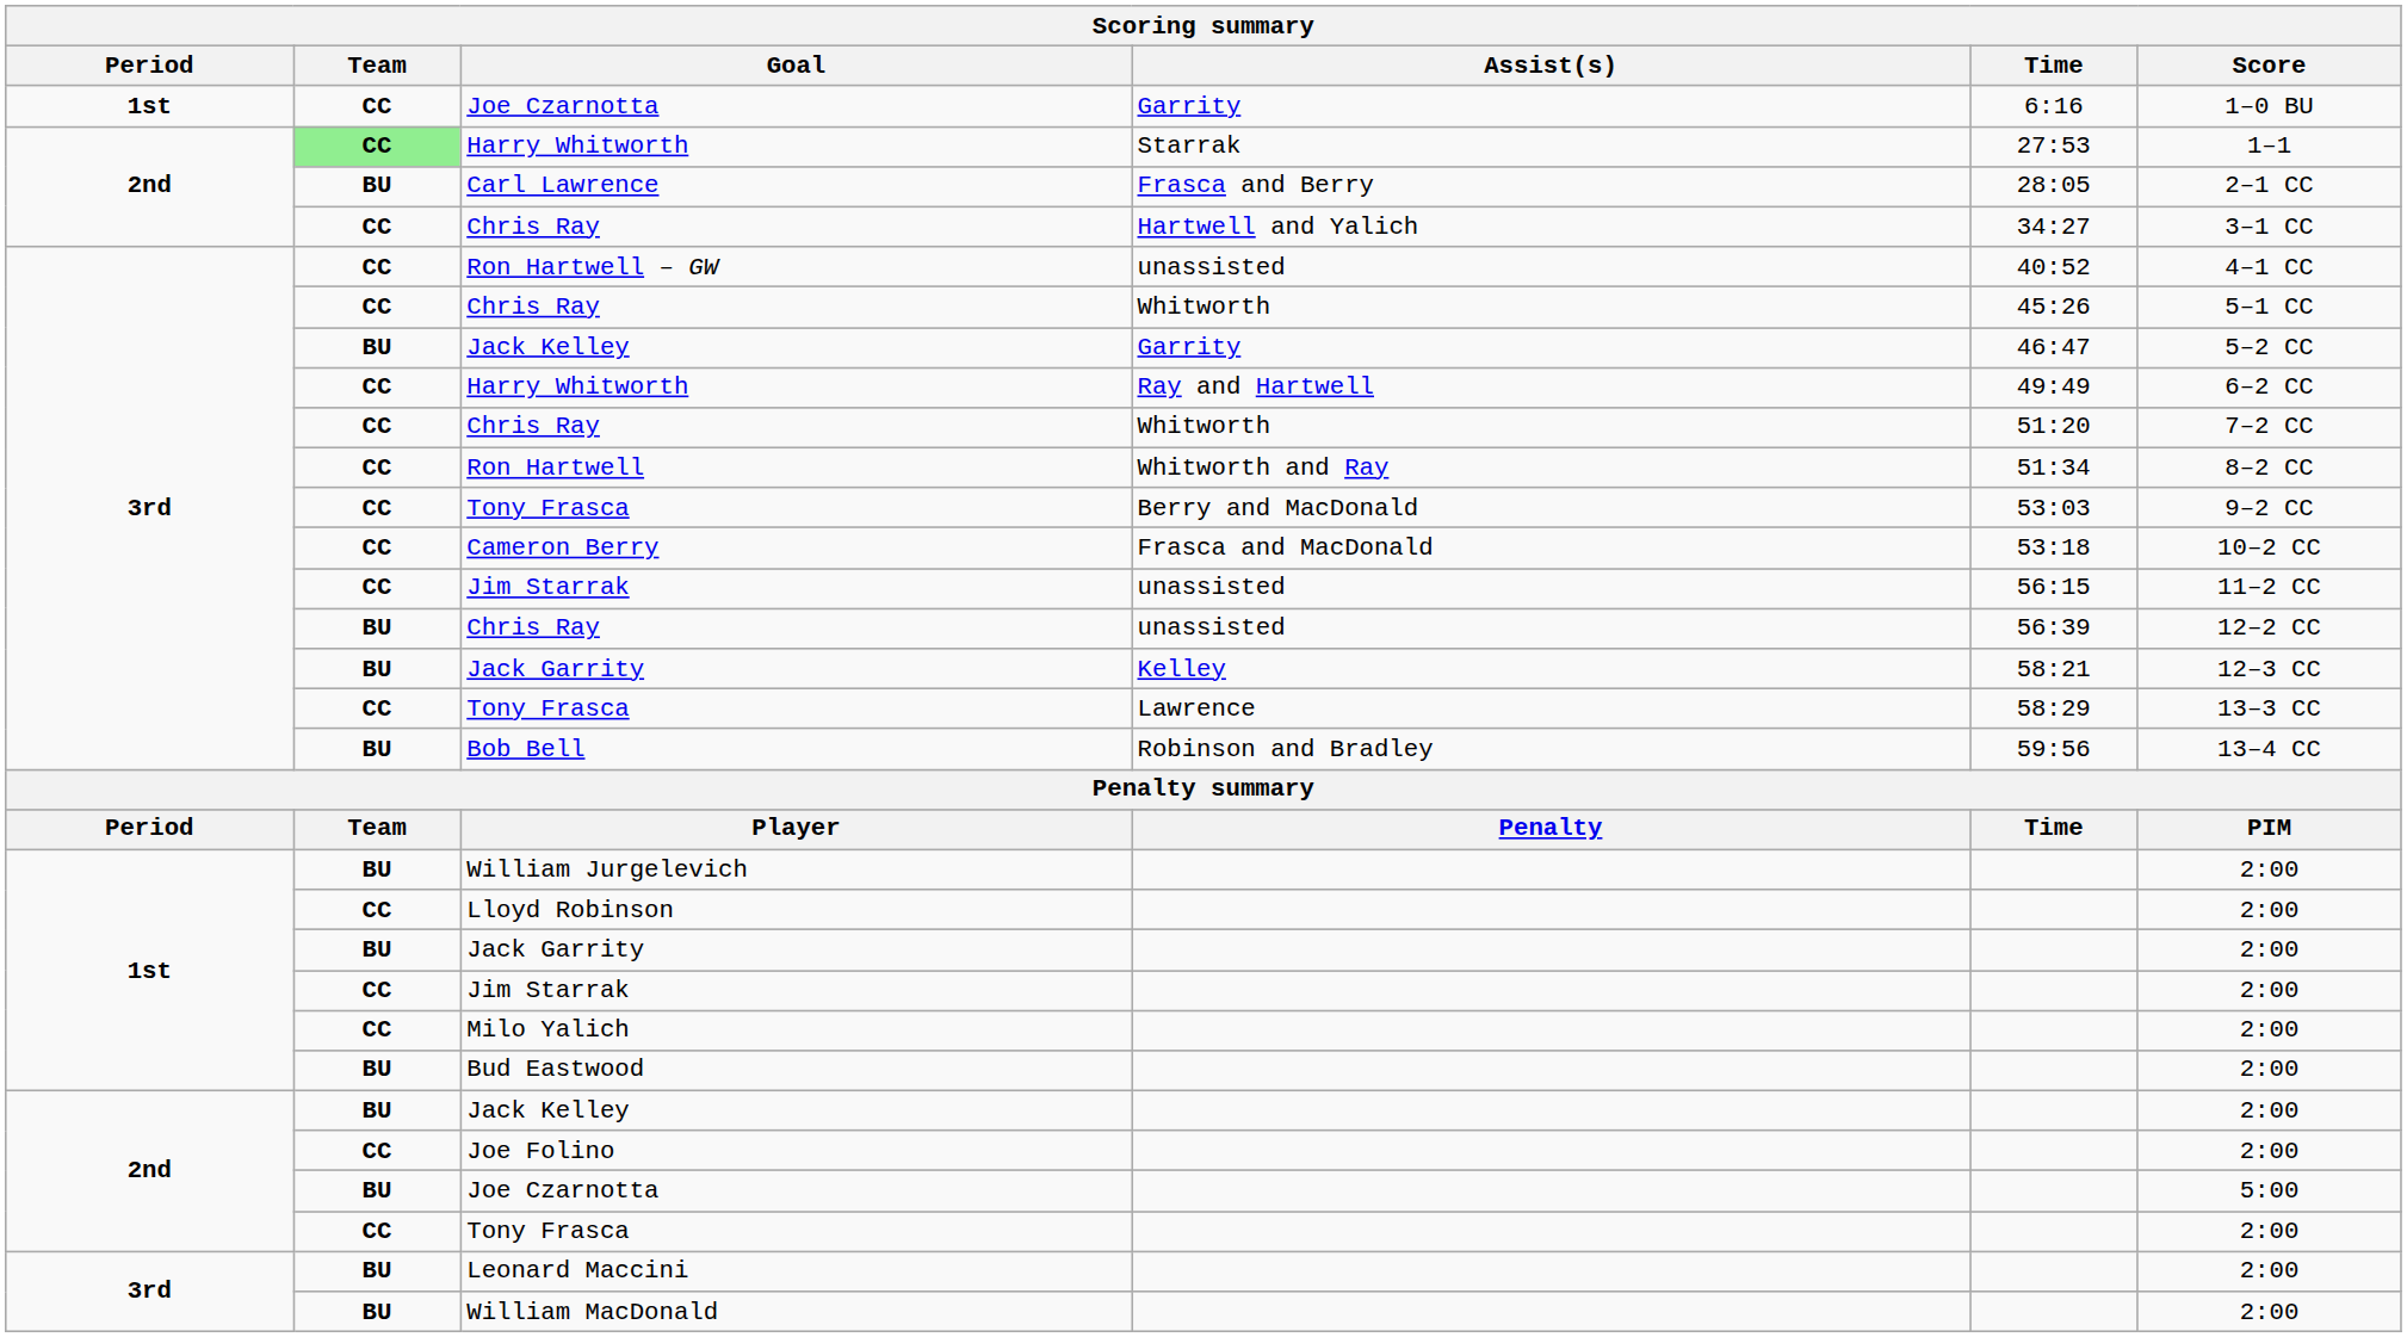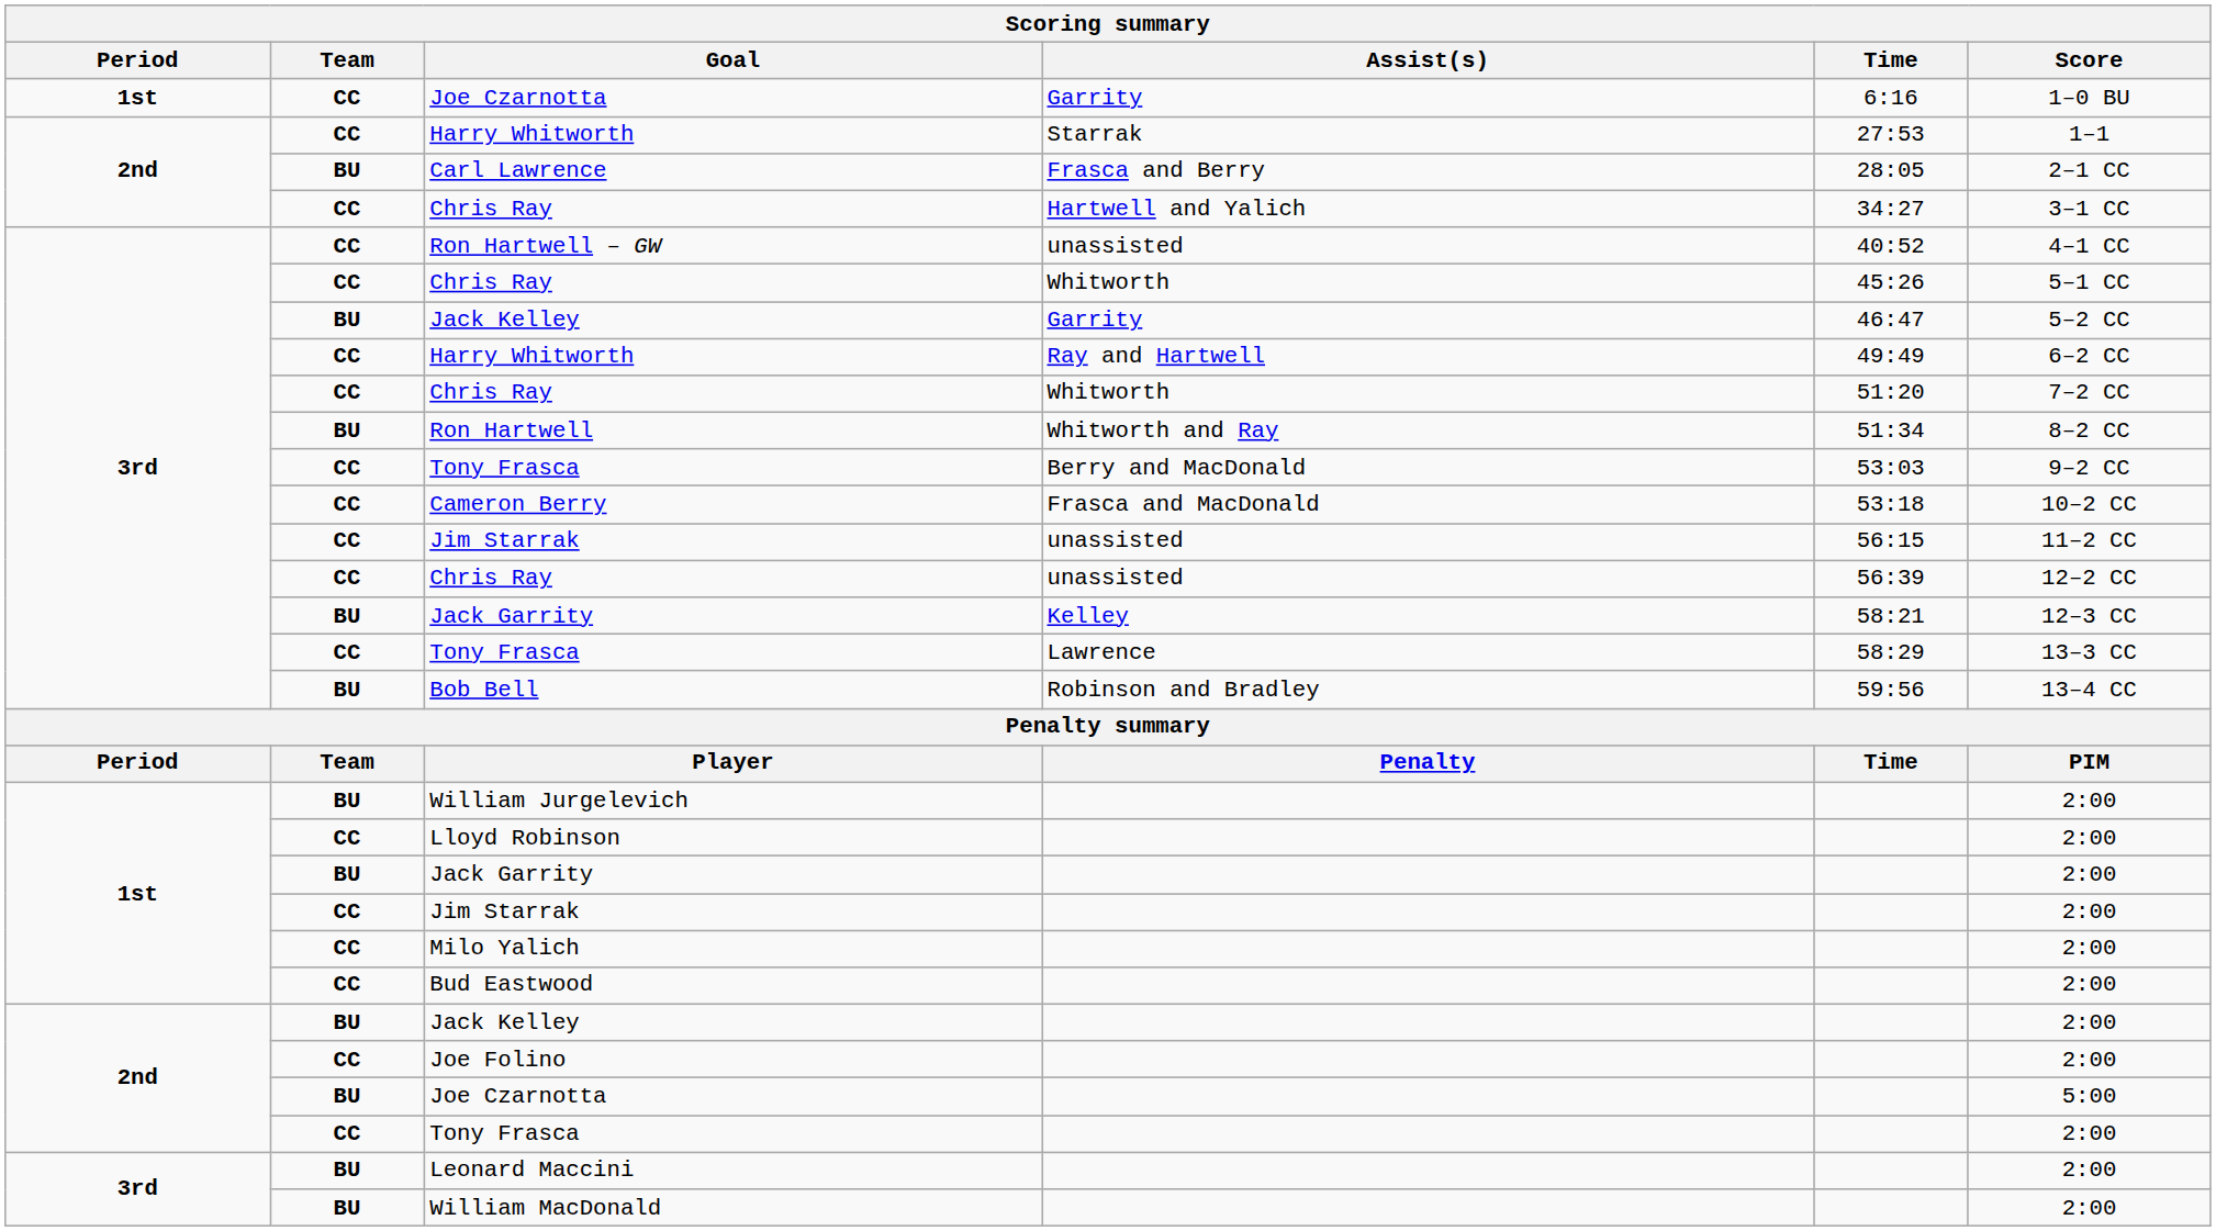 <table style="width:100%;" class="wikitable">
 <tr>
 <th colspan=6>Scoring summary</th>
 </tr>
 <tr>
 <th style="width:12%;">Period</th>
 <th style="width:7%;">Team</th>
 <th style="width:28%;">Goal</th>
 <th style="width:35%;">Assist(s)</th>
 <th style="width:7%;">Time</th>
 <th style="width:11%;">Score</th>
 </tr>
 <tr>
 <td style="text-align:center;" rowspan="1"><strong>1st</strong></td>
 <td align=center><strong>CC</strong></td>
 <td><a href='#'>Joe Czarnotta</a></td>
 <td><a href='#'>Garrity</a></td>
 <td align=center>6:16</td>
 <td align=center>1–0 BU</td>
 </tr>
 <tr>
 <td style="text-align:center;" rowspan="3"><strong>2nd</strong></td>
-<td align=center style="background: lightgreen;"><strong>CC</strong></td>
+<td align=center><strong>CC</strong></td>
 <td><a href='#'>Harry Whitworth</a></td>
 <td>Starrak</td>
 <td align=center>27:53</td>
 <td align=center>1–1</td>
 </tr>
 <tr>
 <td align=center><strong>BU</strong></td>
 <td><a href='#'>Carl Lawrence</a></td>
 <td><a href='#'>Frasca</a> and Berry</td>
 <td align=center>28:05</td>
 <td align=center>2–1 CC</td>
 </tr>
 <tr>
 <td align=center><strong>CC</strong></td>
 <td><a href='#'>Chris Ray</a></td>
 <td><a href='#'>Hartwell</a> and Yalich</td>
 <td align=center>34:27</td>
 <td align=center>3–1 CC</td>
 </tr>
 <tr>
 <td style="text-align:center;" rowspan="13"><strong>3rd</strong></td>
 <td align=center><strong>CC</strong></td>
 <td><a href='#'>Ron Hartwell</a> – <em>GW</em></td>
 <td>unassisted</td>
 <td align=center>40:52</td>
 <td align=center>4–1 CC</td>
 </tr>
 <tr>
 <td align=center><strong>CC</strong></td>
 <td><a href='#'>Chris Ray</a></td>
 <td>Whitworth</td>
 <td align=center>45:26</td>
 <td align=center>5–1 CC</td>
 </tr>
 <tr>
 <td align=center><strong>BU</strong></td>
 <td><a href='#'>Jack Kelley</a></td>
 <td><a href='#'>Garrity</a></td>
 <td align=center>46:47</td>
 <td align=center>5–2 CC</td>
 </tr>
 <tr>
 <td align=center><strong>CC</strong></td>
 <td><a href='#'>Harry Whitworth</a></td>
 <td><a href='#'>Ray</a> and <a href='#'>Hartwell</a></td>
 <td align=center>49:49</td>
 <td align=center>6–2 CC</td>
 </tr>
 <tr>
 <td align=center><strong>CC</strong></td>
 <td><a href='#'>Chris Ray</a></td>
 <td>Whitworth</td>
 <td align=center>51:20</td>
 <td align=center>7–2 CC</td>
 </tr>
 <tr>
-<td align=center><strong>CC</strong></td>
+<td align=center><strong>BU</strong></td>
 <td><a href='#'>Ron Hartwell</a></td>
 <td>Whitworth and <a href='#'>Ray</a></td>
 <td align=center>51:34</td>
 <td align=center>8–2 CC</td>
 </tr>
 <tr>
 <td align=center><strong>CC</strong></td>
 <td><a href='#'>Tony Frasca</a></td>
 <td>Berry and MacDonald</td>
 <td align=center>53:03</td>
 <td align=center>9–2 CC</td>
 </tr>
 <tr>
 <td align=center><strong>CC</strong></td>
 <td><a href='#'>Cameron Berry</a></td>
 <td>Frasca and MacDonald</td>
 <td align=center>53:18</td>
 <td align=center>10–2 CC</td>
 </tr>
 <tr>
 <td align=center><strong>CC</strong></td>
 <td><a href='#'>Jim Starrak</a></td>
 <td>unassisted</td>
 <td align=center>56:15</td>
 <td align=center>11–2 CC</td>
 </tr>
 <tr>
-<td align=center><strong>BU</strong></td>
+<td align=center><strong>CC</strong></td>
 <td><a href='#'>Chris Ray</a></td>
 <td>unassisted</td>
 <td align=center>56:39</td>
 <td align=center>12–2 CC</td>
 </tr>
 <tr>
 <td align=center><strong>BU</strong></td>
 <td><a href='#'>Jack Garrity</a></td>
 <td><a href='#'>Kelley</a></td>
 <td align=center>58:21</td>
 <td align=center>12–3 CC</td>
 </tr>
 <tr>
 <td align=center><strong>CC</strong></td>
 <td><a href='#'>Tony Frasca</a></td>
 <td>Lawrence</td>
 <td align=center>58:29</td>
 <td align=center>13–3 CC</td>
 </tr>
 <tr>
 <td align=center><strong>BU</strong></td>
 <td><a href='#'>Bob Bell</a></td>
 <td>Robinson and Bradley</td>
 <td align=center>59:56</td>
 <td align=center>13–4 CC</td>
 </tr>
 <tr>
 <th colspan=6>Penalty summary</th>
 </tr>
 <tr>
 <th style="width:12%;">Period</th>
 <th style="width:7%;">Team</th>
 <th style="width:28%;">Player</th>
 <th style="width:35%;"><a href='#'>Penalty</a></th>
 <th style="width:7%;">Time</th>
 <th style="width:11%;">PIM</th>
 </tr>
 <tr>
 <td style="text-align:center;" rowspan="6"><strong>1st</strong></td>
 <td align=center><strong>BU</strong></td>
 <td>William Jurgelevich</td>
 <td></td>
 <td align=center></td>
 <td align=center>2:00</td>
 </tr>
 <tr>
 <td align=center><strong>CC</strong></td>
 <td>Lloyd Robinson</td>
 <td></td>
 <td align=center></td>
 <td align=center>2:00</td>
 </tr>
 <tr>
 <td align=center><strong>BU</strong></td>
 <td>Jack Garrity</td>
 <td></td>
 <td align=center></td>
 <td align=center>2:00</td>
 </tr>
 <tr>
 <td align=center><strong>CC</strong></td>
 <td>Jim Starrak</td>
 <td></td>
 <td align=center></td>
 <td align=center>2:00</td>
 </tr>
 <tr>
 <td align=center><strong>CC</strong></td>
 <td>Milo Yalich</td>
 <td></td>
 <td align=center></td>
 <td align=center>2:00</td>
 </tr>
 <tr>
-<td align=center><strong>BU</strong></td>
+<td align=center><strong>CC</strong></td>
 <td>Bud Eastwood</td>
 <td></td>
 <td align=center></td>
 <td align=center>2:00</td>
 </tr>
 <tr>
 <td style="text-align:center;" rowspan="4"><strong>2nd</strong></td>
 <td align=center><strong>BU</strong></td>
 <td>Jack Kelley</td>
 <td></td>
 <td align=center></td>
 <td align=center>2:00</td>
 </tr>
 <tr>
 <td align=center><strong>CC</strong></td>
 <td>Joe Folino</td>
 <td></td>
 <td align=center></td>
 <td align=center>2:00</td>
 </tr>
 <tr>
 <td align=center><strong>BU</strong></td>
 <td>Joe Czarnotta</td>
 <td></td>
 <td align=center></td>
 <td align=center>5:00</td>
 </tr>
 <tr>
 <td align=center><strong>CC</strong></td>
 <td>Tony Frasca</td>
 <td></td>
 <td align=center></td>
 <td align=center>2:00</td>
 </tr>
 <tr>
 <td style="text-align:center;" rowspan="2"><strong>3rd</strong></td>
 <td align=center><strong>BU</strong></td>
 <td>Leonard Maccini</td>
 <td></td>
 <td align=center></td>
 <td align=center>2:00</td>
 </tr>
 <tr>
 <td align=center><strong>BU</strong></td>
 <td>William MacDonald</td>
 <td></td>
 <td align=center></td>
 <td align=center>2:00</td>
 </tr>
 </table>
